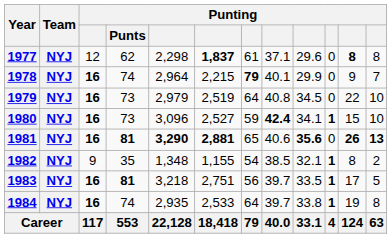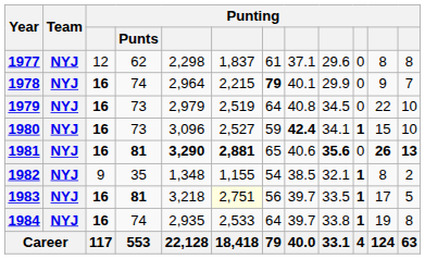 <table class=wikitable style="text-align:center;">
 <tr>
 <th rowspan="2">Year</th>
 <th rowspan="2">Team</th>
 <th colspan="10">Punting</th>
 </tr>
 <tr>
 <th></th>
 <th>Punts</th>
 <th></th>
 <th></th>
 <th></th>
 <th></th>
 <th></th>
 <th></th>
 <th></th>
 <th></th>
 </tr>
 <tr>
 <th><a href='#'>1977</a></th>
 <th><a href='#'>NYJ</a></th>
 <td>12</td>
 <td>62</td>
 <td>2,298</td>
-<td><strong>1,837</strong></td>
+<td>1,837</td>
 <td>61</td>
 <td>37.1</td>
 <td>29.6</td>
 <td>0</td>
-<td><strong>8</strong></td>
+<td>8</td>
 <td>8</td>
 </tr>
 <tr>
 <th><a href='#'>1978</a></th>
 <th><a href='#'>NYJ</a></th>
 <td><strong>16</strong></td>
 <td>74</td>
 <td>2,964</td>
 <td>2,215</td>
 <td><strong>79</strong></td>
 <td>40.1</td>
 <td>29.9</td>
 <td>0</td>
 <td>9</td>
 <td>7</td>
 </tr>
 <tr>
 <th><a href='#'>1979</a></th>
 <th><a href='#'>NYJ</a></th>
 <td><strong>16</strong></td>
 <td>73</td>
 <td>2,979</td>
 <td>2,519</td>
 <td>64</td>
 <td>40.8</td>
 <td>34.5</td>
 <td>0</td>
 <td>22</td>
 <td>10</td>
 </tr>
 <tr>
 <th><a href='#'>1980</a></th>
 <th><a href='#'>NYJ</a></th>
 <td><strong>16</strong></td>
 <td>73</td>
 <td>3,096</td>
 <td>2,527</td>
 <td>59</td>
 <td><strong>42.4</strong></td>
 <td>34.1</td>
 <td><strong>1</strong></td>
 <td>15</td>
 <td>10</td>
 </tr>
 <tr>
 <th><a href='#'>1981</a></th>
 <th><a href='#'>NYJ</a></th>
 <td><strong>16</strong></td>
 <td><strong>81</strong></td>
 <td><strong>3,290</strong></td>
 <td><strong>2,881</strong></td>
 <td>65</td>
 <td>40.6</td>
 <td><strong>35.6</strong></td>
 <td>0</td>
 <td><strong>26</strong></td>
 <td><strong>13</strong></td>
 </tr>
 <tr>
 <th><a href='#'>1982</a></th>
 <th><a href='#'>NYJ</a></th>
 <td>9</td>
 <td>35</td>
 <td>1,348</td>
 <td>1,155</td>
 <td>54</td>
 <td>38.5</td>
 <td>32.1</td>
 <td><strong>1</strong></td>
 <td>8</td>
 <td>2</td>
 </tr>
 <tr>
 <th><a href='#'>1983</a></th>
 <th><a href='#'>NYJ</a></th>
 <td><strong>16</strong></td>
 <td><strong>81</strong></td>
 <td>3,218</td>
-<td>2,751</td>
+<td style="background: lightyellow;">2,751</td>
 <td>56</td>
 <td>39.7</td>
 <td>33.5</td>
 <td><strong>1</strong></td>
 <td>17</td>
 <td>5</td>
 </tr>
 <tr>
 <th><a href='#'>1984</a></th>
 <th><a href='#'>NYJ</a></th>
 <td><strong>16</strong></td>
 <td>74</td>
 <td>2,935</td>
 <td>2,533</td>
 <td>64</td>
 <td>39.7</td>
 <td>33.8</td>
 <td><strong>1</strong></td>
 <td>19</td>
 <td>8</td>
 </tr>
 <tr>
 <th colspan="2">Career</th>
 <th>117</th>
 <th>553</th>
 <th>22,128</th>
 <th>18,418</th>
 <th>79</th>
 <th>40.0</th>
 <th>33.1</th>
 <th>4</th>
 <th>124</th>
 <th>63</th>
 </tr>
 </table>
